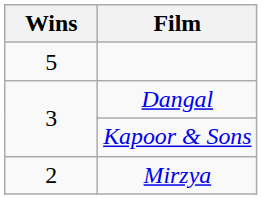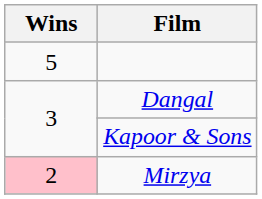 <table class="wikitable" rowspan="2" style="text-align:center;">
 <tr>
 <th scope="col" style="width:55px;">Wins</th>
 <th scope="col" style="text-align:center;">Film</th>
 </tr>
 <tr>
 <td>5</td>
 <td><em></em></td>
 </tr>
 <tr>
 <td rowspan="2">3</td>
 <td><em><a href='#'>Dangal</a></em></td>
 </tr>
 <tr>
 <td><em><a href='#'>Kapoor & Sons</a></em></td>
 </tr>
 <tr>
-<td>2</td>
+<td style="background: pink;">2</td>
 <td><em><a href='#'>Mirzya</a></em></td>
 </tr>
 </table>
